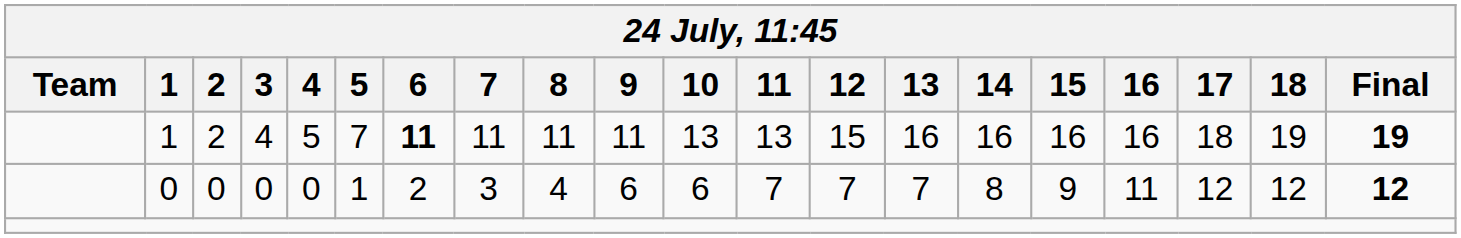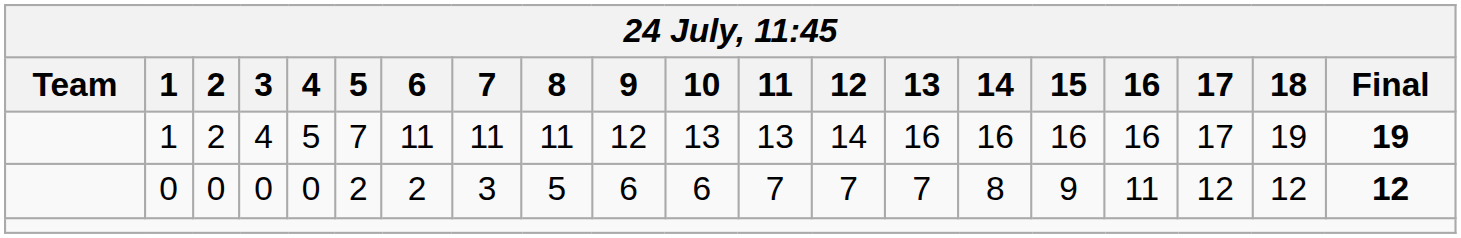 <table class=wikitable style="text-align:center; width: 55%">
 <tr>
 <th colspan=20><em>24 July, 11:45</em></th>
 </tr>
 <tr>
 <th>Team</th>
 <th>1</th>
 <th>2</th>
 <th>3</th>
 <th>4</th>
 <th>5</th>
 <th>6</th>
 <th>7</th>
 <th>8</th>
 <th>9</th>
 <th>10</th>
 <th>11</th>
 <th>12</th>
 <th>13</th>
 <th>14</th>
 <th>15</th>
 <th>16</th>
 <th>17</th>
 <th>18</th>
 <th>Final</th>
 </tr>
 <tr>
 <td align=left><strong></strong></td>
 <td>1</td>
 <td>2</td>
 <td>4</td>
 <td>5</td>
 <td>7</td>
-<td><strong>11</strong></td>
 <td>11</td>
 <td>11</td>
 <td>11</td>
+<td>12</td>
 <td>13</td>
 <td>13</td>
-<td>15</td>
+<td>14</td>
 <td>16</td>
 <td>16</td>
 <td>16</td>
 <td>16</td>
-<td>18</td>
+<td>17</td>
 <td>19</td>
 <td><strong>19</strong></td>
 </tr>
 <tr>
 <td align=left></td>
 <td>0</td>
 <td>0</td>
 <td>0</td>
 <td>0</td>
-<td>1</td>
+<td>2</td>
 <td>2</td>
 <td>3</td>
-<td>4</td>
+<td>5</td>
 <td>6</td>
 <td>6</td>
 <td>7</td>
 <td>7</td>
 <td>7</td>
 <td>8</td>
 <td>9</td>
 <td>11</td>
 <td>12</td>
 <td>12</td>
 <td><strong>12</strong></td>
 </tr>
 <tr>
 <td colspan=20></td>
 </tr>
 </table>
